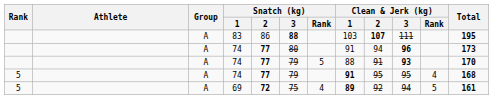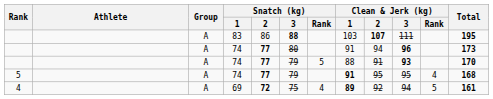 <table class = "wikitable" style="text-align:center;">
 <tr>
 <th rowspan=2 width=40>Rank</th>
 <th rowspan=2 width=250>Athlete</th>
 <th rowspan=2 width=50>Group</th>
 <th colspan=4>Snatch (kg)</th>
 <th colspan=4>Clean & Jerk (kg)</th>
 <th rowspan=2 width=60>Total</th>
 </tr>
 <tr>
 <th width=40>1</th>
 <th width=40>2</th>
 <th width=40>3</th>
 <th width=40>Rank</th>
 <th width=40>1</th>
 <th width=40>2</th>
 <th width=40>3</th>
 <th width=40>Rank</th>
 </tr>
 <tr>
 <td></td>
 <td align=left></td>
 <td>A</td>
 <td>83</td>
 <td>86</td>
 <td><strong>88</strong></td>
 <td></td>
 <td>103</td>
 <td><strong>107</strong></td>
 <td><s>111</s></td>
 <td></td>
 <td><strong>195</strong></td>
 </tr>
 <tr>
 <td></td>
 <td align=left></td>
 <td>A</td>
 <td>74</td>
 <td><strong>77</strong></td>
 <td><s>80</s></td>
 <td></td>
 <td>91</td>
 <td>94</td>
 <td><strong>96</strong></td>
 <td></td>
 <td><strong>173</strong></td>
 </tr>
 <tr>
 <td></td>
 <td align=left></td>
 <td>A</td>
 <td>74</td>
 <td><strong>77</strong></td>
 <td><s>79</s></td>
 <td>5</td>
 <td>88</td>
 <td><s>91</s></td>
 <td><strong>93</strong></td>
 <td></td>
 <td><strong>170</strong></td>
 </tr>
 <tr>
 <td>5</td>
 <td align=left></td>
 <td>A</td>
 <td>74</td>
 <td><strong>77</strong></td>
 <td><s>79</s></td>
 <td></td>
 <td><strong>91</strong></td>
 <td><s>95</s></td>
 <td><s>95</s></td>
 <td>4</td>
 <td><strong>168</strong></td>
 </tr>
 <tr>
-<td>5</td>
+<td>4</td>
 <td align=left></td>
 <td>A</td>
 <td>69</td>
 <td><strong>72</strong></td>
 <td><s>75</s></td>
 <td>4</td>
 <td><strong>89</strong></td>
 <td><s>92</s></td>
 <td><s>94</s></td>
 <td>5</td>
 <td><strong>161</strong></td>
 </tr>
 </table>
